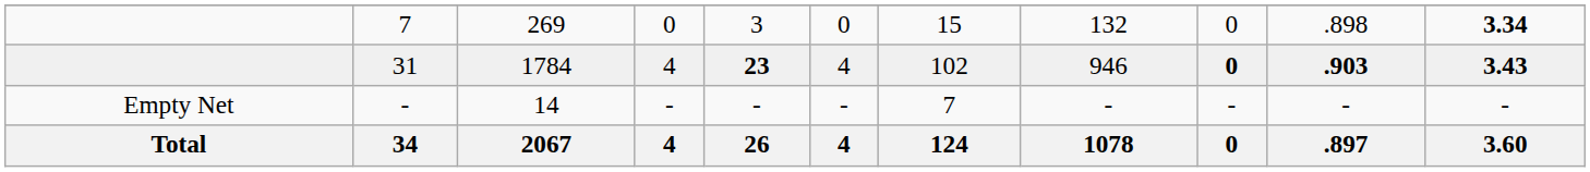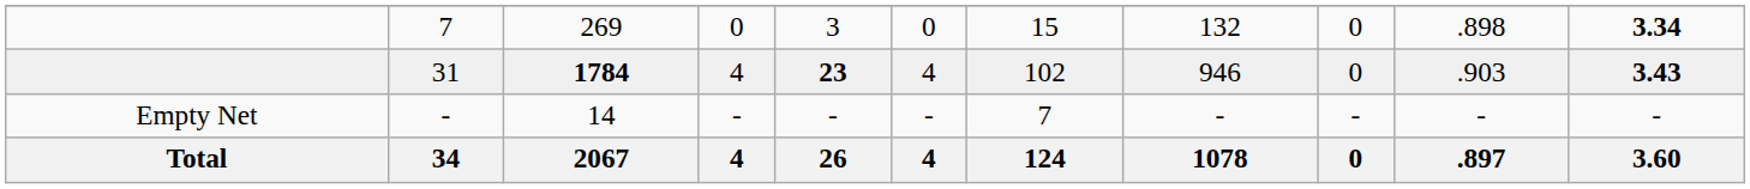 <table class="wikitable sortable" width ="1000">
 <tr align="center">
 </tr>
 <tr align="center" bgcolor="">
 <td></td>
 <td>7</td>
 <td>269</td>
 <td>0</td>
 <td>3</td>
 <td>0</td>
 <td>15</td>
 <td>132</td>
 <td>0</td>
 <td>.898</td>
 <td><strong>3.34</strong></td>
 </tr>
 <tr align="center" bgcolor="f0f0f0">
 <td></td>
 <td>31</td>
-<td>1784</td>
+<td><strong>1784</strong></td>
 <td>4</td>
 <td><strong>23</strong></td>
 <td>4</td>
 <td>102</td>
 <td>946</td>
-<td><strong>0</strong></td>
-<td><strong>.903</strong></td>
+<td>0</td>
+<td>.903</td>
 <td><strong>3.43</strong></td>
 </tr>
 <tr align="center" bgcolor="">
 <td>Empty Net</td>
 <td>-</td>
 <td>14</td>
 <td>-</td>
 <td>-</td>
 <td>-</td>
 <td>7</td>
 <td>-</td>
 <td>-</td>
 <td>-</td>
 <td>-</td>
 </tr>
 <tr>
 <th>Total</th>
 <th>34</th>
 <th>2067</th>
 <th>4</th>
 <th>26</th>
 <th>4</th>
 <th>124</th>
 <th>1078</th>
 <th>0</th>
 <th>.897</th>
 <th>3.60</th>
 </tr>
 </table>
